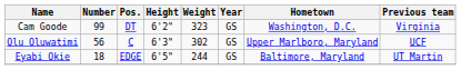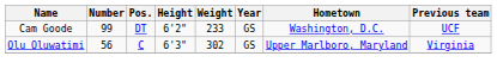 <table class="wikitable sortable sortable" style="text-align: center">
 <tr align=center>
 <th>Name</th>
 <th>Number</th>
 <th>Pos.</th>
 <th>Height</th>
 <th>Weight</th>
 <th>Year</th>
 <th>Hometown</th>
 <th>Previous team</th>
 </tr>
 <tr>
 <td>Cam Goode</td>
 <td>99</td>
 <td><a href='#'>DT</a></td>
 <td>6'2"</td>
-<td>323</td>
+<td>233</td>
 <td>GS</td>
 <td><a href='#'>Washington, D.C.</a></td>
-<td><a href='#'>Virginia</a></td>
+<td><a href='#'>UCF</a></td>
 </tr>
 <tr>
 <td><a href='#'>Olu Oluwatimi</a></td>
 <td>56</td>
 <td><a href='#'>C</a></td>
 <td>6'3"</td>
 <td>302</td>
 <td>GS</td>
 <td><a href='#'>Upper Marlboro, Maryland</a></td>
-<td><a href='#'>UCF</a></td>
-</tr>
-<tr>
-<td><a href='#'>Eyabi Okie</a></td>
-<td>18</td>
-<td><a href='#'>EDGE</a></td>
-<td>6'5"</td>
-<td>244</td>
-<td>GS</td>
-<td><a href='#'>Baltimore, Maryland</a></td>
-<td><a href='#'>UT Martin</a></td>
+<td><a href='#'>Virginia</a></td>
 </tr>
 <tr>
 </tr>
 </table>
